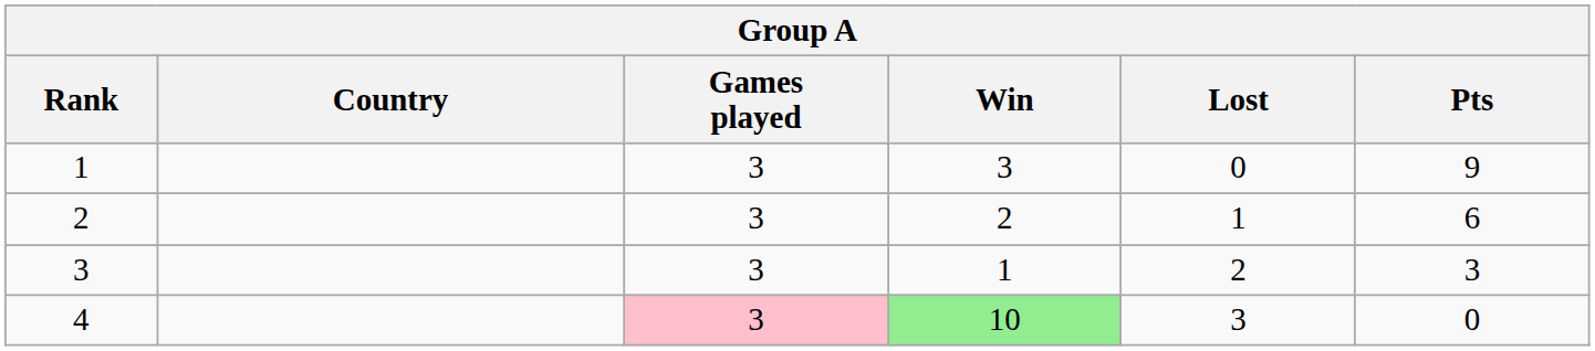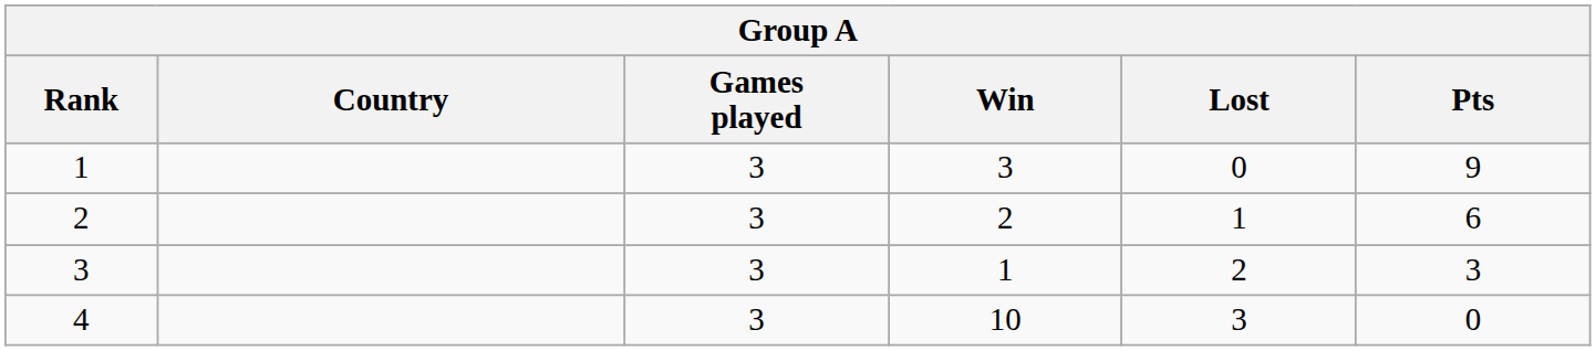 <table class="wikitable" style= "text-align: center; Width:50%">
 <tr>
 <th colspan= 6>Group A</th>
 </tr>
 <tr>
 <th width=2%>Rank</th>
 <th width=10%>Country</th>
 <th width=5%>Games <br> played</th>
 <th width=5%>Win</th>
 <th width=5%>Lost</th>
 <th width=5%>Pts</th>
 </tr>
 <tr>
 <td>1</td>
 <td style= "text-align: left"></td>
 <td>3</td>
 <td>3</td>
 <td>0</td>
 <td>9</td>
 </tr>
 <tr>
 <td>2</td>
 <td style= "text-align: left"></td>
 <td>3</td>
 <td>2</td>
 <td>1</td>
 <td>6</td>
 </tr>
 <tr>
 <td>3</td>
 <td style= "text-align: left"></td>
 <td>3</td>
 <td>1</td>
 <td>2</td>
 <td>3</td>
 </tr>
 <tr>
 <td>4</td>
 <td style= "text-align: left"></td>
-<td style="background: pink;">3</td>
-<td style="background: lightgreen;">10</td>
+<td>3</td>
+<td>10</td>
 <td>3</td>
 <td>0</td>
 </tr>
 </table>
